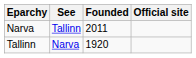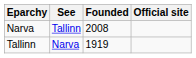 <table class=wikitable>
 <tr>
 <th>Eparchy</th>
 <th>See</th>
 <th>Founded</th>
 <th>Official site</th>
 </tr>
 <tr>
 <td>Narva</td>
 <td><a href='#'>Tallinn</a></td>
-<td>2011</td>
+<td>2008</td>
 <td></td>
 </tr>
 <tr>
 <td>Tallinn</td>
 <td><a href='#'>Narva</a></td>
-<td>1920</td>
+<td>1919</td>
 <td></td>
 </tr>
 </table>
